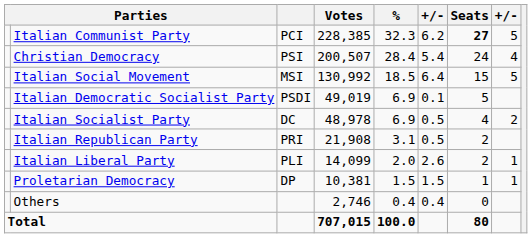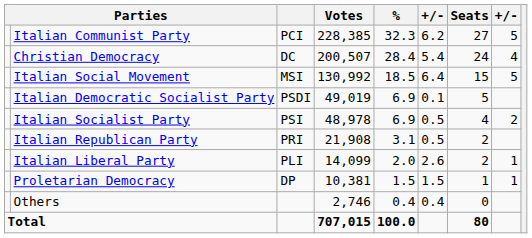 <table class="wikitable">
 <tr>
 <th colspan="2">Parties</th>
 <th></th>
 <th>Votes</th>
 <th>%</th>
 <th>+/-</th>
 <th>Seats</th>
 <th>+/-</th>
 <th rowspan="12"></th>
 </tr>
 <tr>
 <td style="background-color:"></td>
 <td><a href='#'>Italian Communist Party</a></td>
 <td>PCI</td>
 <td align=right>228,385</td>
 <td align=right>32.3</td>
 <td align=right> 6.2</td>
-<td align=right><strong>27</strong></td>
+<td align=right>27</td>
 <td align=right> 5</td>
 </tr>
 <tr>
 <td style="background-color:"></td>
 <td><a href='#'>Christian Democracy</a></td>
-<td>PSI</td>
+<td>DC</td>
 <td align=right>200,507</td>
 <td align=right>28.4</td>
 <td align=right> 5.4</td>
 <td align=right>24</td>
 <td align=right> 4</td>
 </tr>
 <tr>
 <td style="background-color:"></td>
 <td><a href='#'>Italian Social Movement</a></td>
 <td>MSI</td>
 <td align=right>130,992</td>
 <td align=right>18.5</td>
 <td align=right> 6.4</td>
 <td align=right>15</td>
 <td align=right> 5</td>
 </tr>
 <tr>
 <td style="background-color:"></td>
 <td><a href='#'>Italian Democratic Socialist Party</a></td>
 <td>PSDI</td>
 <td align=right>49,019</td>
 <td align=right>6.9</td>
 <td align=right> 0.1</td>
 <td align=right>5</td>
 <td align=right></td>
 </tr>
 <tr>
 <td style="background-color:"></td>
 <td><a href='#'>Italian Socialist Party</a></td>
-<td>DC</td>
+<td>PSI</td>
 <td align=right>48,978</td>
 <td align=right>6.9</td>
 <td align=right> 0.5</td>
 <td align=right>4</td>
 <td align=right> 2</td>
 </tr>
 <tr>
 <td style="background-color:"></td>
 <td><a href='#'>Italian Republican Party</a></td>
 <td>PRI</td>
 <td align=right>21,908</td>
 <td align=right>3.1</td>
 <td align=right> 0.5</td>
 <td align=right>2</td>
 <td align=right></td>
 </tr>
 <tr>
 <td style="background-color:"></td>
 <td><a href='#'>Italian Liberal Party</a></td>
 <td>PLI</td>
 <td align=right>14,099</td>
 <td align=right>2.0</td>
 <td align=right> 2.6</td>
 <td align=right>2</td>
 <td align=right> 1</td>
 </tr>
 <tr>
 <td style="background-color:"></td>
 <td><a href='#'>Proletarian Democracy</a></td>
 <td>DP</td>
 <td align=right>10,381</td>
 <td align=right>1.5</td>
 <td align=right> 1.5</td>
 <td align=right>1</td>
 <td align=right> 1</td>
 </tr>
 <tr>
 <td style="background-color:"></td>
 <td>Others</td>
 <td></td>
 <td align=right>2,746</td>
 <td align=right>0.4</td>
 <td align=right> 0.4</td>
 <td align=right>0</td>
 <td align=right></td>
 </tr>
 <tr>
 <td colspan="2"><strong>Total</strong></td>
 <td></td>
 <td align=right><strong>707,015</strong></td>
 <td align=right><strong>100.0</strong></td>
 <td align=right></td>
 <td align=right><strong>80</strong></td>
 <td align=right></td>
 </tr>
 </table>
